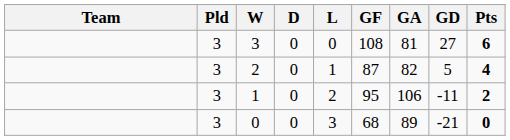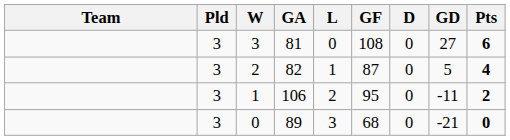 <table class="wikitable" style="text-align: center;">
 <tr>
 <th width="180">Team</th>
 <th width="30">Pld</th>
 <th width="30">W</th>
-<th width="30">D</th>
+<th width="30">GA</th>
 <th width="30">L</th>
 <th width="30">GF</th>
-<th width="30">GA</th>
+<th width="30">D</th>
 <th width="30">GD</th>
 <th width="30">Pts</th>
 </tr>
 <tr>
 <td align="left"></td>
 <td>3</td>
 <td>3</td>
-<td>0</td>
+<td>81</td>
 <td>0</td>
 <td>108</td>
-<td>81</td>
+<td>0</td>
 <td>27</td>
 <td><strong>6</strong></td>
 </tr>
 <tr>
 <td align="left"></td>
 <td>3</td>
 <td>2</td>
-<td>0</td>
+<td>82</td>
 <td>1</td>
 <td>87</td>
-<td>82</td>
+<td>0</td>
 <td>5</td>
 <td><strong>4</strong></td>
 </tr>
 <tr>
 <td align="left"></td>
 <td>3</td>
 <td>1</td>
-<td>0</td>
+<td>106</td>
 <td>2</td>
 <td>95</td>
-<td>106</td>
+<td>0</td>
 <td>-11</td>
 <td><strong>2</strong></td>
 </tr>
 <tr>
 <td align="left"></td>
 <td>3</td>
 <td>0</td>
-<td>0</td>
+<td>89</td>
 <td>3</td>
 <td>68</td>
-<td>89</td>
+<td>0</td>
 <td>-21</td>
 <td><strong>0</strong></td>
 </tr>
 </table>
